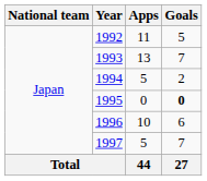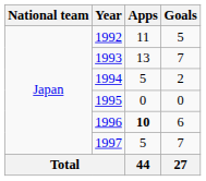 <table class="wikitable" style="text-align:center">
 <tr>
 <th>National team</th>
 <th>Year</th>
 <th>Apps</th>
 <th>Goals</th>
 </tr>
 <tr>
 <td rowspan="6"><a href='#'>Japan</a></td>
 <td><a href='#'>1992</a></td>
 <td>11</td>
 <td>5</td>
 </tr>
 <tr>
 <td><a href='#'>1993</a></td>
 <td>13</td>
 <td>7</td>
 </tr>
 <tr>
 <td><a href='#'>1994</a></td>
 <td>5</td>
 <td>2</td>
 </tr>
 <tr>
 <td><a href='#'>1995</a></td>
 <td>0</td>
-<td><strong>0</strong></td>
+<td>0</td>
 </tr>
 <tr>
 <td><a href='#'>1996</a></td>
-<td>10</td>
+<td><strong>10</strong></td>
 <td>6</td>
 </tr>
 <tr>
 <td><a href='#'>1997</a></td>
 <td>5</td>
 <td>7</td>
 </tr>
 <tr>
 <th colspan="2">Total</th>
 <th>44</th>
 <th>27</th>
 </tr>
 </table>
